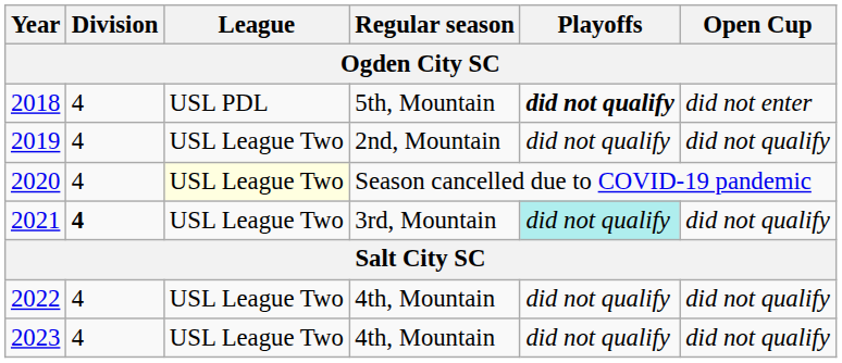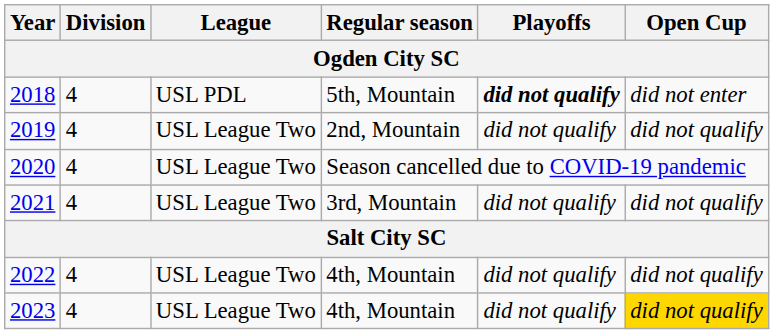 <table class="wikitable">
 <tr>
 <th>Year</th>
 <th>Division</th>
 <th>League</th>
 <th>Regular season</th>
 <th>Playoffs</th>
 <th>Open Cup</th>
 </tr>
 <tr>
 <th colspan=6>Ogden City SC</th>
 </tr>
 <tr>
 <td><a href='#'>2018</a></td>
 <td>4</td>
 <td>USL PDL</td>
 <td>5th, Mountain</td>
 <td><strong><em>did not qualify</em></strong></td>
 <td><em>did not enter</em></td>
 </tr>
 <tr>
 <td><a href='#'>2019</a></td>
 <td>4</td>
 <td>USL League Two</td>
 <td>2nd, Mountain</td>
 <td><em>did not qualify</em></td>
 <td><em>did not qualify</em></td>
 </tr>
 <tr>
 <td><a href='#'>2020</a></td>
 <td>4</td>
-<td style="background: lightyellow;">USL League Two</td>
+<td>USL League Two</td>
 <td colspan=3>Season cancelled due to <a href='#'>COVID-19 pandemic</a></td>
 </tr>
 <tr>
 <td><a href='#'>2021</a></td>
-<td><strong>4</strong></td>
+<td>4</td>
 <td>USL League Two</td>
 <td>3rd, Mountain</td>
-<td style="background: paleturquoise;"><em>did not qualify</em></td>
+<td><em>did not qualify</em></td>
 <td><em>did not qualify</em></td>
 </tr>
 <tr>
 <th colspan=6>Salt City SC</th>
 </tr>
 <tr>
 <td><a href='#'>2022</a></td>
 <td>4</td>
 <td>USL League Two</td>
 <td>4th, Mountain</td>
 <td><em>did not qualify</em></td>
 <td><em>did not qualify</em></td>
 </tr>
 <tr>
 <td><a href='#'>2023</a></td>
 <td>4</td>
 <td>USL League Two</td>
 <td>4th, Mountain</td>
 <td><em>did not qualify</em></td>
-<td><em>did not qualify</em></td>
+<td style="background: gold;"><em>did not qualify</em></td>
 </tr>
 </table>
